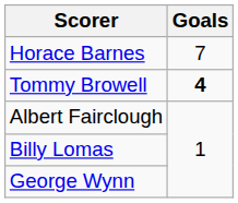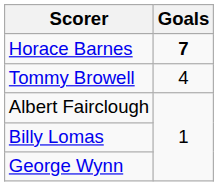 <table class="wikitable">
 <tr>
 <th>Scorer</th>
 <th>Goals</th>
 </tr>
 <tr>
 <td> <a href='#'>Horace Barnes</a></td>
-<td align=center>7</td>
+<td align=center><strong>7</strong></td>
 </tr>
 <tr>
 <td> <a href='#'>Tommy Browell</a></td>
-<td align=center><strong>4</strong></td>
+<td align=center>4</td>
 </tr>
 <tr>
 <td>Albert Fairclough</td>
 <td rowspan="3" align=center>1</td>
 </tr>
 <tr>
 <td> <a href='#'>Billy Lomas</a></td>
 </tr>
 <tr>
 <td> <a href='#'>George Wynn</a></td>
 </tr>
 </table>
